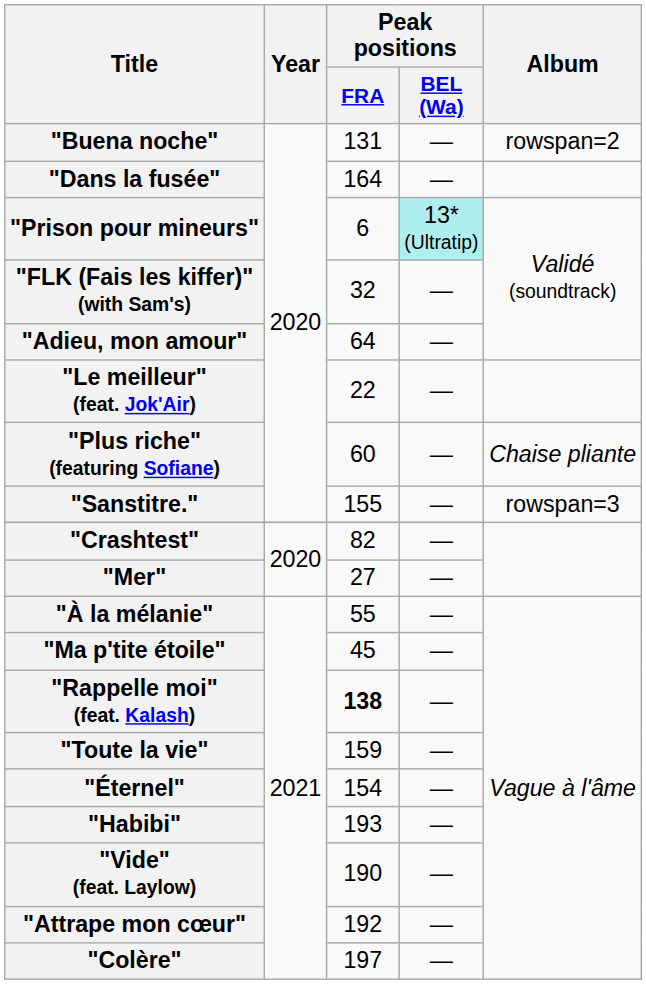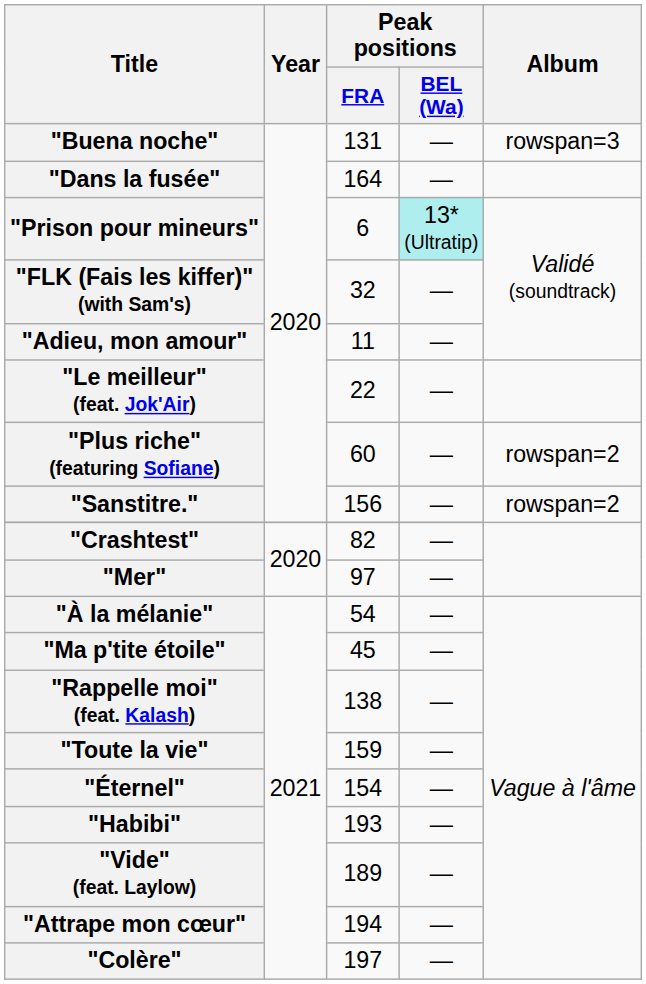 <table class="wikitable plainrowheaders" style="text-align:center">
 <tr>
 <th scope="col" rowspan="2">Title</th>
 <th scope="col" rowspan="2">Year</th>
 <th scope="col" colspan="2">Peak positions</th>
 <th scope="col" rowspan="2">Album</th>
 </tr>
 <tr>
 <th scope="col" style="width:3em;font-size:90%;"><a href='#'>FRA</a><br></th>
 <th scope="col" style="width:3em;font-size:90%;"><a href='#'>BEL <br>(Wa)</a><br></th>
 </tr>
 <tr>
 <th scope="row">"Buena noche"</th>
 <td rowspan=8>2020</td>
 <td>131</td>
 <td>—</td>
-<td>rowspan=2 </td>
+<td>rowspan=3 </td>
 </tr>
 <tr>
 <th scope="row">"Dans la fusée"</th>
 <td>164</td>
 <td>—</td>
 </tr>
 <tr>
 <th scope="row">"Prison pour mineurs"</th>
 <td>6</td>
 <td style="background: paleturquoise;">13*<br><small>(Ultratip)</small></td>
 <td rowspan=3><em>Validé</em> <br><small>(soundtrack)</small></td>
 </tr>
 <tr>
 <th scope="row">"FLK (Fais les kiffer)"<br><small>(with Sam's)</small></th>
 <td>32</td>
 <td>—</td>
 </tr>
 <tr>
 <th scope="row">"Adieu, mon amour"</th>
-<td>64</td>
+<td>11</td>
 <td>—</td>
 </tr>
 <tr>
 <th scope="row">"Le meilleur"<br><small>(feat. <a href='#'>Jok'Air</a>)</small></th>
 <td>22<br></td>
 <td>—</td>
 <td></td>
 </tr>
 <tr>
 <th scope="row">"Plus riche"<br><small>(featuring <a href='#'>Sofiane</a>)</small></th>
 <td>60<br></td>
 <td>—</td>
-<td><em>Chaise pliante</em></td>
+<td>rowspan=2 </td>
 </tr>
 <tr>
 <th scope="row">"Sanstitre."</th>
-<td>155</td>
+<td>156</td>
 <td>—</td>
-<td>rowspan=3 </td>
+<td>rowspan=2 </td>
 </tr>
 <tr>
 </tr>
 <tr>
 <th scope="row">"Crashtest"</th>
 <td rowspan=2>2020</td>
 <td>82</td>
 <td>—</td>
 </tr>
 <tr>
 <th scope="row">"Mer"</th>
-<td>27</td>
+<td>97</td>
 <td>—</td>
 </tr>
 <tr>
 <th scope="row">"À la mélanie"</th>
 <td rowspan=9>2021</td>
-<td>55</td>
+<td>54</td>
 <td>—</td>
 <td rowspan=9><em>Vague à l'âme</em></td>
 </tr>
 <tr>
 <th scope="row">"Ma p'tite étoile"</th>
 <td>45</td>
 <td>—</td>
 </tr>
 <tr>
 <th scope="row">"Rappelle moi"<br><small>(feat. <a href='#'>Kalash</a>)</small></th>
-<td><strong>138</strong></td>
+<td>138</td>
 <td>—</td>
 </tr>
 <tr>
 <th scope="row">"Toute la vie"</th>
 <td>159</td>
 <td>—</td>
 </tr>
 <tr>
 <th scope="row">"Éternel"</th>
 <td>154</td>
 <td>—</td>
 </tr>
 <tr>
 <th scope="row">"Habibi"</th>
 <td>193</td>
 <td>—</td>
 </tr>
 <tr>
 <th scope="row">"Vide" <br><small>(feat. Laylow)</small></th>
-<td>190</td>
+<td>189</td>
 <td>—</td>
 </tr>
 <tr>
 <th scope="row">"Attrape mon cœur"</th>
-<td>192</td>
+<td>194</td>
 <td>—</td>
 </tr>
 <tr>
 <th scope="row">"Colère"</th>
 <td>197</td>
 <td>—</td>
 </tr>
 </table>
